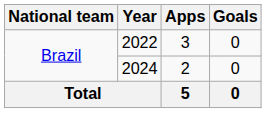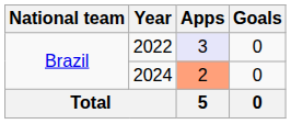 <table class="wikitable" style="text-align:center">
 <tr>
 <th>National team</th>
 <th>Year</th>
 <th>Apps</th>
 <th>Goals</th>
 </tr>
 <tr>
 <td rowspan="2"><a href='#'>Brazil</a></td>
 <td>2022</td>
-<td>3</td>
+<td style="background: lavender;">3</td>
 <td>0</td>
 </tr>
 <tr>
 <td>2024</td>
-<td>2</td>
+<td style="background: lightsalmon;">2</td>
 <td>0</td>
 </tr>
 <tr>
 <th colspan="2">Total</th>
 <th>5</th>
 <th>0</th>
 </tr>
 </table>
